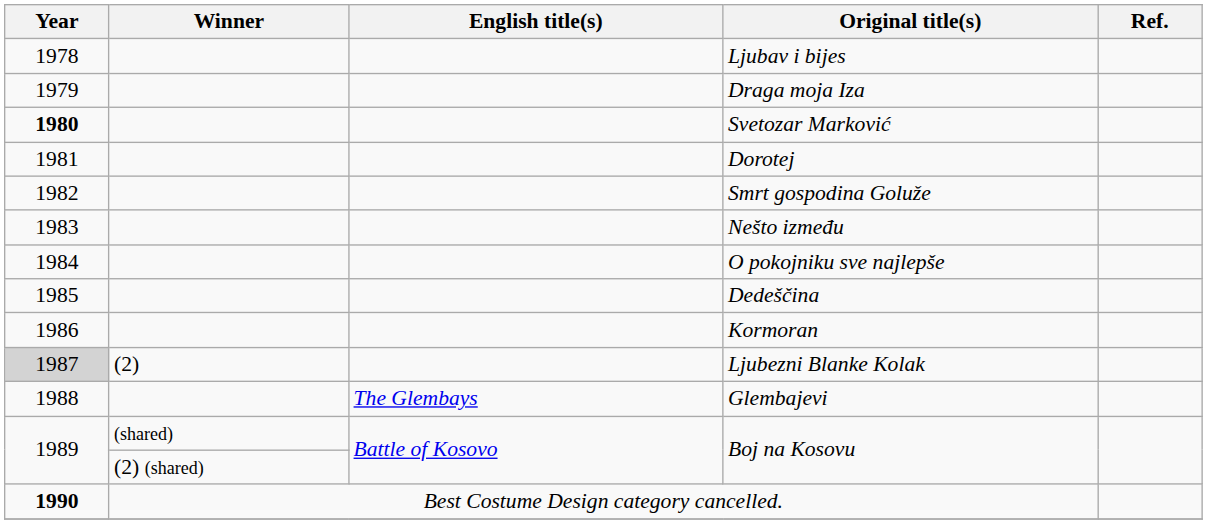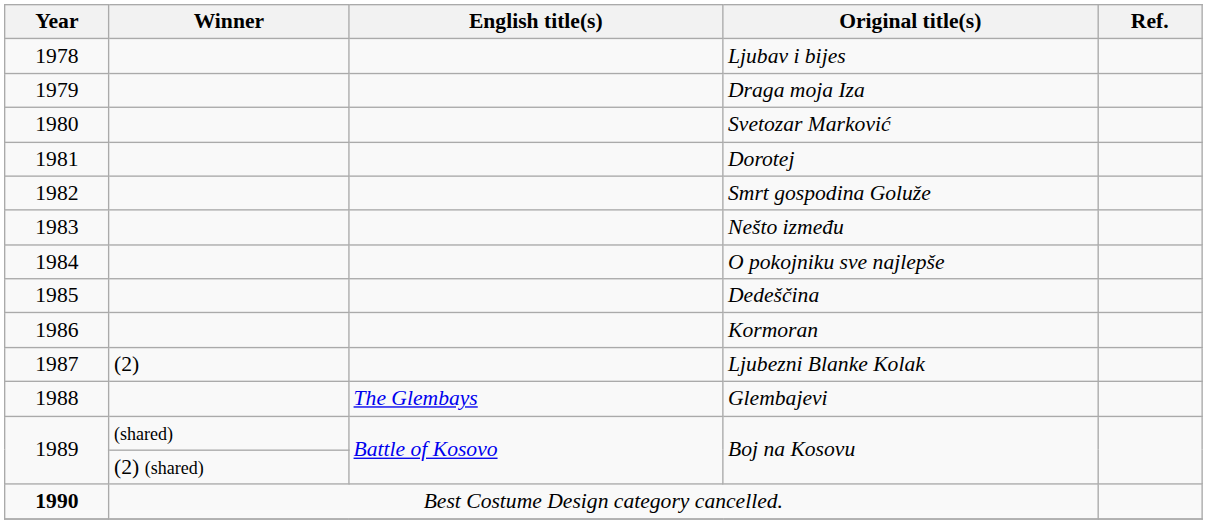 <table class="wikitable sortable">
 <tr>
 <th width="70"><strong>Year</strong></th>
 <th width="170"><strong>Winner</strong></th>
 <th width="270"><strong>English title(s)</strong></th>
 <th width="270"><strong>Original title(s)</strong></th>
 <th width="70"><strong>Ref.</strong></th>
 </tr>
 <tr>
 <td style="text-align:center;">1978</td>
 <td></td>
 <td></td>
 <td><em>Ljubav i bijes</em></td>
 <td style="text-align:center;"></td>
 </tr>
 <tr>
 <td style="text-align:center;">1979</td>
 <td></td>
 <td></td>
 <td><em>Draga moja Iza</em></td>
 <td style="text-align:center;"></td>
 </tr>
 <tr>
-<td style="text-align:center;"><strong>1980</strong></td>
+<td style="text-align:center;">1980</td>
 <td></td>
 <td></td>
 <td><em>Svetozar Marković</em></td>
 <td style="text-align:center;"></td>
 </tr>
 <tr>
 <td style="text-align:center;">1981</td>
 <td></td>
 <td></td>
 <td><em>Dorotej</em></td>
 <td style="text-align:center;"></td>
 </tr>
 <tr>
 <td style="text-align:center;">1982</td>
 <td></td>
 <td></td>
 <td><em>Smrt gospodina Goluže</em></td>
 <td style="text-align:center;"></td>
 </tr>
 <tr>
 <td style="text-align:center;">1983</td>
 <td></td>
 <td></td>
 <td><em>Nešto između</em></td>
 <td style="text-align:center;"></td>
 </tr>
 <tr>
 <td style="text-align:center;">1984</td>
 <td></td>
 <td></td>
 <td><em>O pokojniku sve najlepše</em></td>
 <td style="text-align:center;"></td>
 </tr>
 <tr>
 <td style="text-align:center;">1985</td>
 <td></td>
 <td></td>
 <td><em>Dedeščina</em></td>
 <td style="text-align:center;"></td>
 </tr>
 <tr>
 <td style="text-align:center;">1986</td>
 <td></td>
 <td></td>
 <td><em>Kormoran</em></td>
 <td style="text-align:center;"></td>
 </tr>
 <tr>
-<td style="background: lightgrey; text-align:center;">1987</td>
+<td style="text-align:center;">1987</td>
 <td> (2)</td>
 <td></td>
 <td><em>Ljubezni Blanke Kolak</em></td>
 <td style="text-align:center;"></td>
 </tr>
 <tr>
 <td style="text-align:center;">1988</td>
 <td></td>
 <td><em><a href='#'>The Glembays</a></em></td>
 <td><em>Glembajevi</em></td>
 <td style="text-align:center;"></td>
 </tr>
 <tr>
 <td style="text-align:center;" rowspan=2>1989</td>
 <td> <small>(shared)</small></td>
 <td rowspan=2><em><a href='#'>Battle of Kosovo</a></em></td>
 <td rowspan=2><em>Boj na Kosovu</em></td>
 <td style="text-align:center;" rowspan=2></td>
 </tr>
 <tr>
 <td> (2) <small>(shared)</small></td>
 </tr>
 <tr>
 <td style="text-align:center;"><strong>1990</strong></td>
 <td colspan="3" style="text-align:center;"><em>Best Costume Design category cancelled.</em></td>
 <td style="text-align:center;"></td>
 </tr>
 <tr>
 </tr>
 </table>
